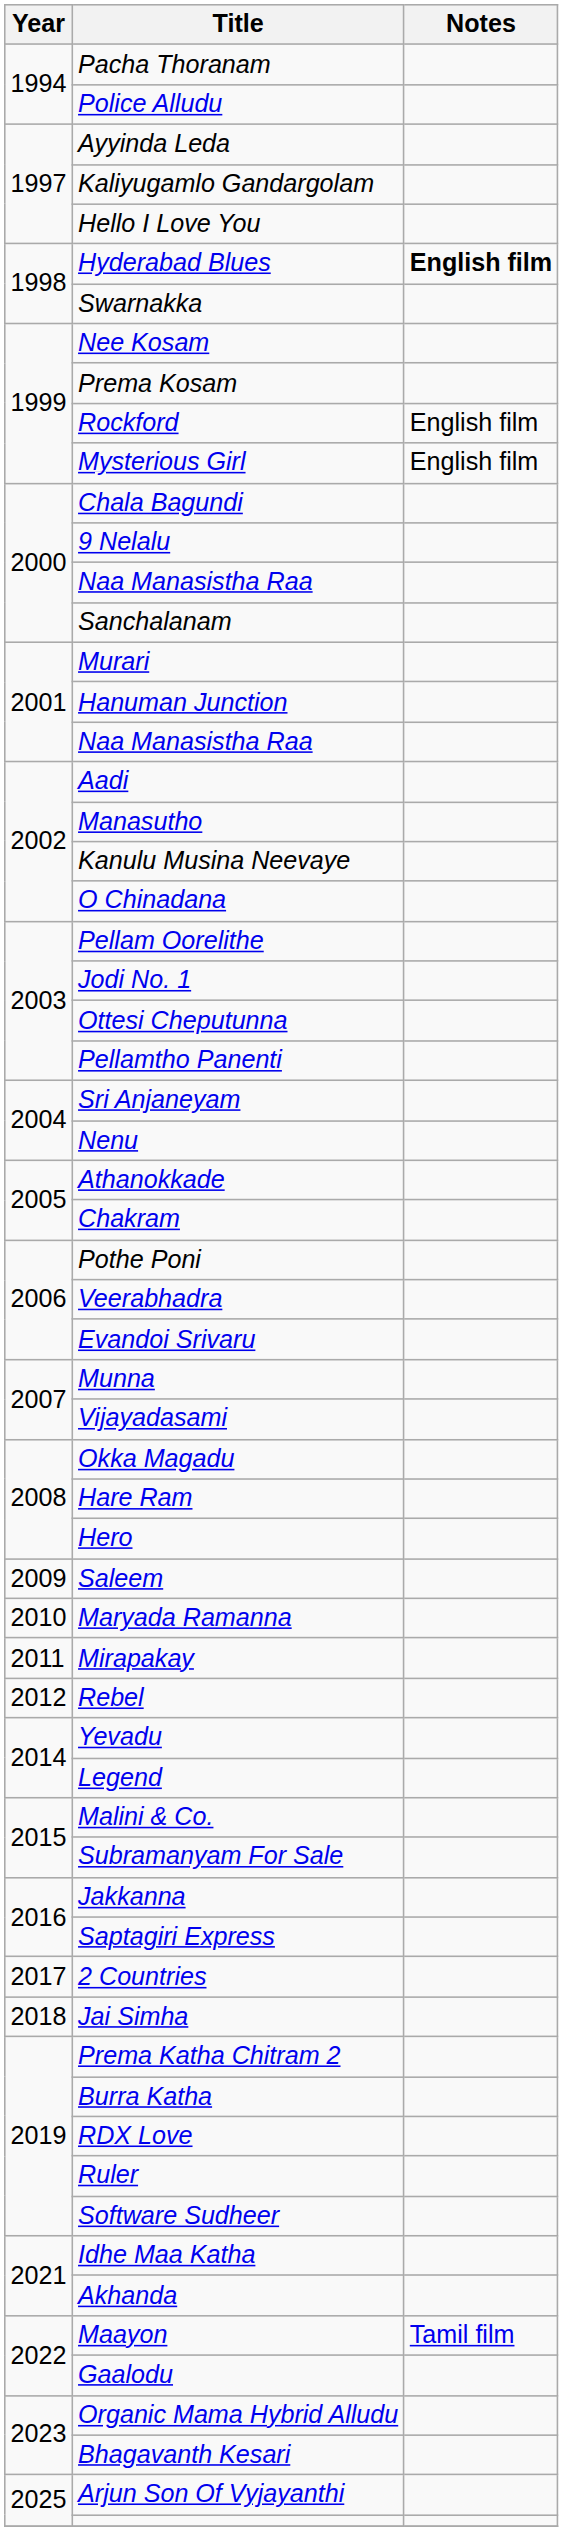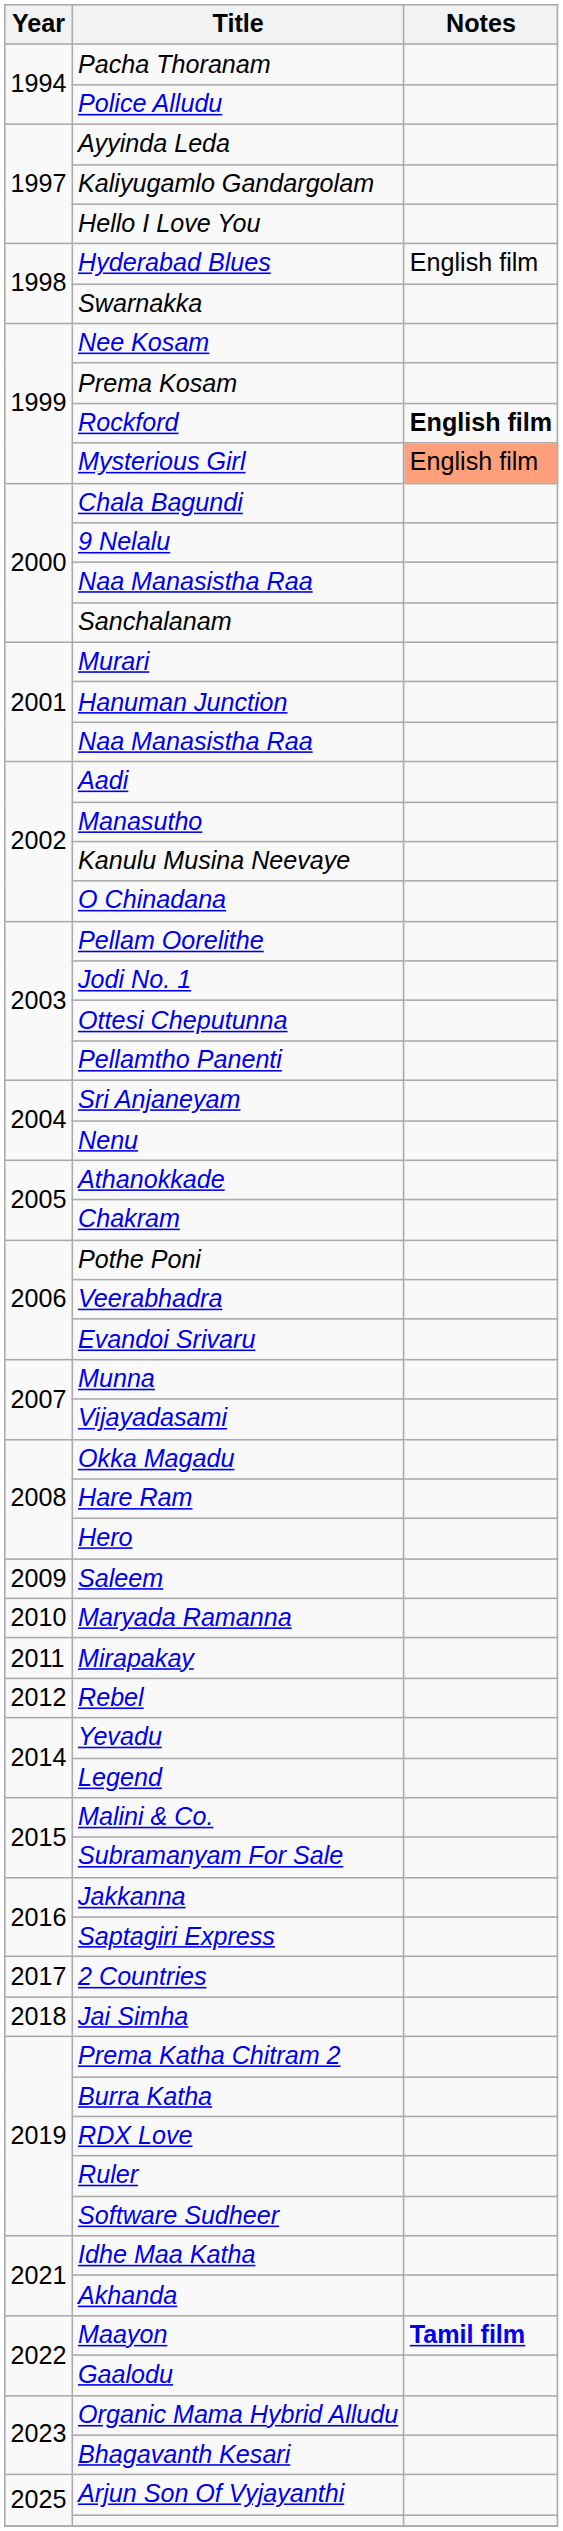 <table class="wikitable sortable">
 <tr>
 <th>Year</th>
 <th>Title</th>
 <th>Notes</th>
 </tr>
 <tr>
 <td rowspan="2">1994</td>
 <td><em>Pacha Thoranam</em></td>
 <td></td>
 </tr>
 <tr>
 <td><em><a href='#'>Police Alludu</a></em></td>
 <td></td>
 </tr>
 <tr>
 <td rowspan="3">1997</td>
 <td><em>Ayyinda Leda</em></td>
 <td></td>
 </tr>
 <tr>
 <td><em>Kaliyugamlo Gandargolam</em></td>
 <td></td>
 </tr>
 <tr>
 <td><em>Hello I Love You</em></td>
 <td></td>
 </tr>
 <tr>
 <td rowspan="2">1998</td>
 <td><em><a href='#'>Hyderabad Blues</a></em></td>
-<td><strong>English film</strong></td>
+<td>English film</td>
 </tr>
 <tr>
 <td><em>Swarnakka</em></td>
 <td></td>
 </tr>
 <tr>
 <td rowspan="4">1999</td>
 <td><em><a href='#'>Nee Kosam</a></em></td>
 <td></td>
 </tr>
 <tr>
 <td><em>Prema Kosam</em></td>
 <td></td>
 </tr>
 <tr>
 <td><em><a href='#'>Rockford</a></em></td>
-<td>English film</td>
+<td><strong>English film</strong></td>
 </tr>
 <tr>
 <td><em><a href='#'>Mysterious Girl</a></em></td>
-<td>English film</td>
+<td style="background: lightsalmon;">English film</td>
 </tr>
 <tr>
 <td rowspan="4">2000</td>
 <td><em><a href='#'>Chala Bagundi</a></em></td>
 <td></td>
 </tr>
 <tr>
 <td><em><a href='#'>9 Nelalu</a></em></td>
 <td></td>
 </tr>
 <tr>
 <td><em><a href='#'>Naa Manasistha Raa</a></em></td>
 <td></td>
 </tr>
 <tr>
 <td><em>Sanchalanam</em></td>
 <td></td>
 </tr>
 <tr>
 <td rowspan="3">2001</td>
 <td><em><a href='#'>Murari</a></em></td>
 <td></td>
 </tr>
 <tr>
 <td><em><a href='#'>Hanuman Junction</a></em></td>
 <td></td>
 </tr>
 <tr>
 <td><em><a href='#'>Naa Manasistha Raa</a></em></td>
 <td></td>
 </tr>
 <tr>
 <td rowspan="4">2002</td>
 <td><em><a href='#'>Aadi</a></em></td>
 <td></td>
 </tr>
 <tr>
 <td><em><a href='#'>Manasutho</a></em></td>
 <td></td>
 </tr>
 <tr>
 <td><em>Kanulu Musina Neevaye</em></td>
 <td></td>
 </tr>
 <tr>
 <td><em><a href='#'>O Chinadana</a></em></td>
 <td></td>
 </tr>
 <tr>
 <td rowspan="4">2003</td>
 <td><em><a href='#'>Pellam Oorelithe</a></em></td>
 <td></td>
 </tr>
 <tr>
 <td><em><a href='#'>Jodi No. 1</a></em></td>
 <td></td>
 </tr>
 <tr>
 <td><em><a href='#'>Ottesi Cheputunna</a></em></td>
 <td></td>
 </tr>
 <tr>
 <td><em><a href='#'>Pellamtho Panenti</a></em></td>
 <td></td>
 </tr>
 <tr>
 <td rowspan="2">2004</td>
 <td><em><a href='#'>Sri Anjaneyam</a></em></td>
 <td></td>
 </tr>
 <tr>
 <td><em><a href='#'>Nenu</a></em></td>
 <td></td>
 </tr>
 <tr>
 <td rowspan="2">2005</td>
 <td><em><a href='#'>Athanokkade</a></em></td>
 <td></td>
 </tr>
 <tr>
 <td><em><a href='#'>Chakram</a></em></td>
 <td></td>
 </tr>
 <tr>
 <td rowspan="3">2006</td>
 <td><em>Pothe Poni</em></td>
 <td></td>
 </tr>
 <tr>
 <td><em><a href='#'>Veerabhadra</a></em></td>
 <td></td>
 </tr>
 <tr>
 <td><em><a href='#'>Evandoi Srivaru</a></em></td>
 <td></td>
 </tr>
 <tr>
 <td rowspan="2">2007</td>
 <td><em><a href='#'>Munna</a></em></td>
 <td></td>
 </tr>
 <tr>
 <td><em><a href='#'>Vijayadasami</a></em></td>
 <td></td>
 </tr>
 <tr>
 <td rowspan="3">2008</td>
 <td><em><a href='#'>Okka Magadu</a></em></td>
 <td></td>
 </tr>
 <tr>
 <td><em><a href='#'>Hare Ram</a></em></td>
 <td></td>
 </tr>
 <tr>
 <td><em><a href='#'>Hero</a></em></td>
 <td></td>
 </tr>
 <tr>
 <td>2009</td>
 <td><em><a href='#'>Saleem</a></em></td>
 <td></td>
 </tr>
 <tr>
 <td>2010</td>
 <td><em><a href='#'>Maryada Ramanna</a></em></td>
 <td></td>
 </tr>
 <tr>
 <td>2011</td>
 <td><em><a href='#'>Mirapakay</a></em></td>
 <td></td>
 </tr>
 <tr>
 <td>2012</td>
 <td><em><a href='#'>Rebel</a></em></td>
 <td></td>
 </tr>
 <tr>
 <td rowspan="2">2014</td>
 <td><em><a href='#'>Yevadu</a></em></td>
 <td></td>
 </tr>
 <tr>
 <td><em><a href='#'>Legend</a></em></td>
 <td></td>
 </tr>
 <tr>
 <td rowspan="2">2015</td>
 <td><em><a href='#'>Malini & Co.</a></em></td>
 <td></td>
 </tr>
 <tr>
 <td><em><a href='#'>Subramanyam For Sale</a></em></td>
 <td></td>
 </tr>
 <tr>
 <td rowspan="2">2016</td>
 <td><em><a href='#'>Jakkanna</a></em></td>
 <td></td>
 </tr>
 <tr>
 <td><em><a href='#'>Saptagiri Express</a></em></td>
 <td></td>
 </tr>
 <tr>
 <td>2017</td>
 <td><em><a href='#'>2 Countries</a></em></td>
 <td></td>
 </tr>
 <tr>
 <td>2018</td>
 <td><em><a href='#'>Jai Simha</a></em></td>
 <td></td>
 </tr>
 <tr>
 <td rowspan="5">2019</td>
 <td><em><a href='#'>Prema Katha Chitram 2</a></em></td>
 <td></td>
 </tr>
 <tr>
 <td><em><a href='#'>Burra Katha</a></em></td>
 <td></td>
 </tr>
 <tr>
 <td><em><a href='#'>RDX Love</a></em></td>
 <td></td>
 </tr>
 <tr>
 <td><em><a href='#'>Ruler</a></em></td>
 <td></td>
 </tr>
 <tr>
 <td><em><a href='#'>Software Sudheer</a></em></td>
 <td></td>
 </tr>
 <tr>
 <td rowspan="2">2021</td>
 <td><em><a href='#'>Idhe Maa Katha</a></em></td>
 <td></td>
 </tr>
 <tr>
 <td><em><a href='#'>Akhanda</a></em></td>
 <td></td>
 </tr>
 <tr>
 <td rowspan="2">2022</td>
 <td><em><a href='#'>Maayon</a></em></td>
-<td><a href='#'>Tamil film</a></td>
+<td><strong><a href='#'>Tamil film</a></strong></td>
 </tr>
 <tr>
 <td><em><a href='#'>Gaalodu</a></em></td>
 <td></td>
 </tr>
 <tr>
 <td rowspan="2">2023</td>
 <td><em><a href='#'>Organic Mama Hybrid Alludu</a></em></td>
 <td></td>
 </tr>
 <tr>
 <td><em><a href='#'>Bhagavanth Kesari</a></em></td>
 <td></td>
 </tr>
 <tr>
 <td rowspan="2">2025</td>
 <td><a href='#'><em>Arjun Son Of Vyjayanthi</em></a></td>
 <td></td>
 </tr>
 <tr>
 <td></td>
 <td></td>
 </tr>
 <tr>
 </tr>
 </table>
